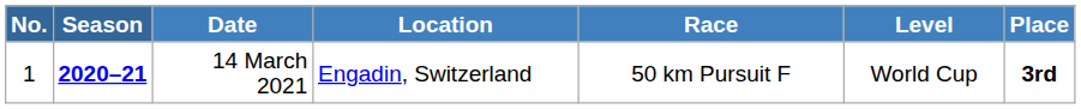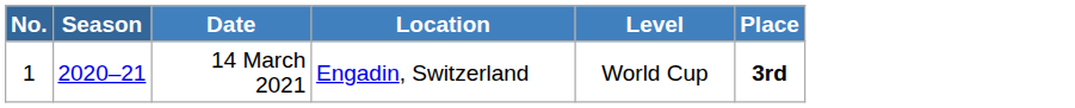 <table class="wikitable sortable" style="font-size:95%; text-align:center; border:grey solid 1px; border-collapse:collapse; background:#ffffff;">
 <tr style="background:#efefef;">
 <th style="background-color:#369; color:white;">No.</th>
 <th style="background-color:#369; color:white;">Season</th>
 <th style="background-color:#4180be; color:white; width:100px;">Date</th>
 <th style="background-color:#4180be; color:white; width:170px;">Location</th>
-<th style="background-color:#4180be; color:white; width:170px;">Race</th>
 <th style="background-color:#4180be; color:white; width:100px;">Level</th>
 <th style="background-color:#4180be; color:white;">Place</th>
 </tr>
 <tr>
 <td align=center>1</td>
-<td align=center><strong><a href='#'>2020–21</a></strong></td>
+<td align=center><a href='#'>2020–21</a></td>
 <td align=right>14 March 2021</td>
 <td align=left> <a href='#'>Engadin</a>, Switzerland</td>
-<td>50 km Pursuit F</td>
 <td>World Cup</td>
 <td><strong>3rd</strong></td>
 </tr>
 </table>
